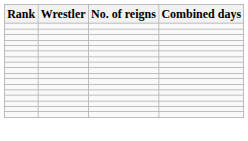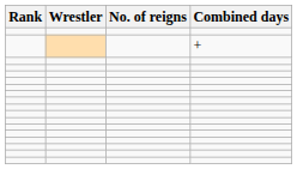 <table class="wikitable sortable">
 <tr>
 <th>Rank </th>
 <th>Wrestler</th>
 <th>No. of reigns</th>
 <th>Combined days</th>
 </tr>
 <tr>
 <td></td>
 <td align="left"></td>
 <td></td>
 <td></td>
+</tr>
+<tr>
+<td></td>
+<td style="background: #ffdead;"></td>
+<td></td>
+<td>+</td>
 </tr>
 <tr>
 <td></td>
 <td align="left"></td>
 <td></td>
 <td></td>
 </tr>
 <tr>
 <td></td>
 <td align="left"></td>
 <td></td>
 <td></td>
 </tr>
 <tr>
 <td></td>
 <td align="left"></td>
 <td></td>
 <td></td>
 </tr>
 <tr>
 <td></td>
 <td align="left"></td>
 <td></td>
 <td></td>
 </tr>
 <tr>
 <td></td>
 <td align="left"></td>
 <td></td>
 <td></td>
 </tr>
 <tr>
 <td></td>
 <td align="left"></td>
 <td></td>
 <td></td>
 </tr>
 <tr>
 <td></td>
 <td align="left"></td>
 <td></td>
 <td></td>
 </tr>
 <tr>
 <td></td>
 <td align="left"></td>
 <td></td>
 <td></td>
 </tr>
 <tr>
 <td></td>
 <td align="left"></td>
 <td></td>
 <td></td>
 </tr>
 <tr>
 <td></td>
 <td align="left"></td>
 <td></td>
 <td></td>
 </tr>
 <tr>
 <td></td>
 <td align="left"></td>
 <td></td>
 <td></td>
 </tr>
 <tr>
 <td></td>
 <td align="left"></td>
 <td></td>
 <td></td>
 </tr>
 <tr>
 <td></td>
 <td align="left"></td>
 <td></td>
 <td></td>
 </tr>
 <tr>
 <td></td>
 <td align="left"></td>
 <td></td>
 <td></td>
 </tr>
 <tr>
 <td></td>
 <td align="left"></td>
 <td></td>
 <td></td>
 </tr>
 <tr>
 <td></td>
 <td align="left"></td>
 <td></td>
 <td></td>
 </tr>
 </table>
